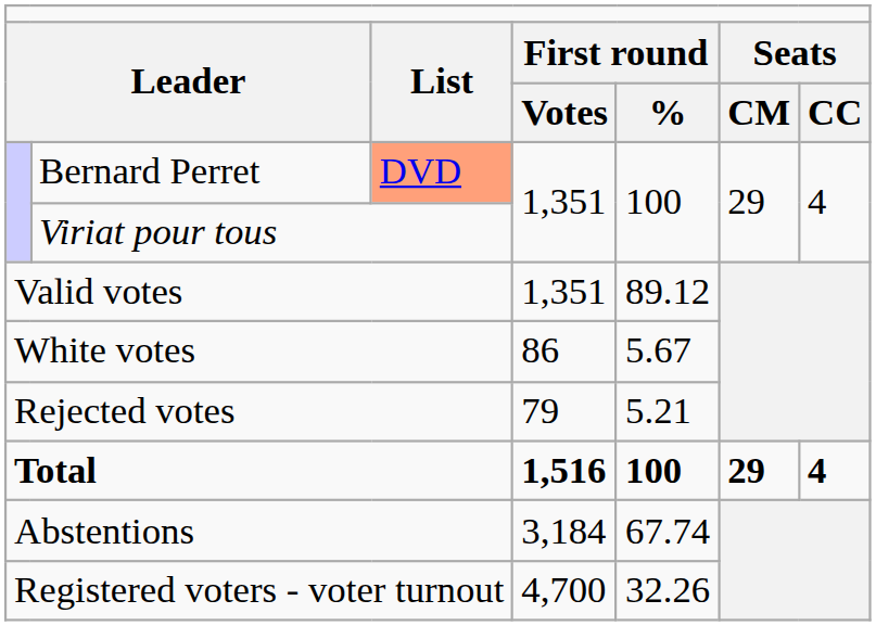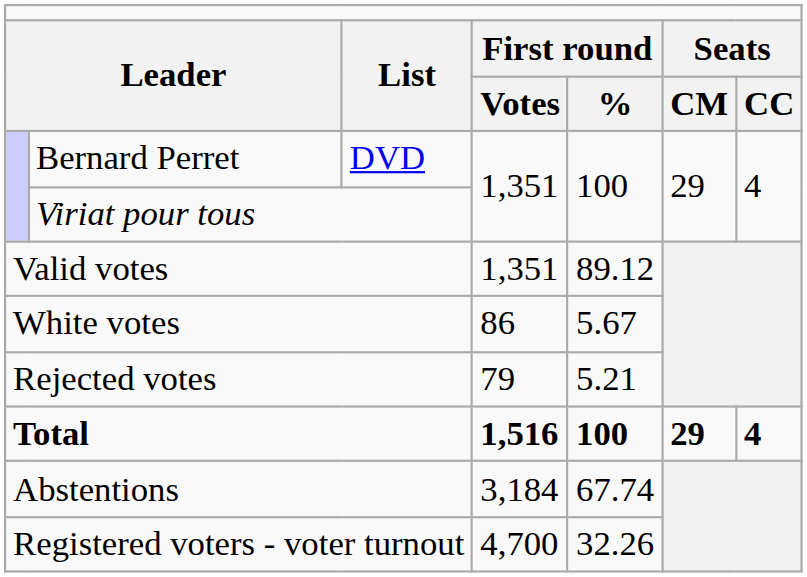 <table class="wikitable">
 <tr>
 <td colspan="7"></td>
 </tr>
 <tr>
 <th colspan="2" rowspan="2">Leader</th>
 <th rowspan="2">List</th>
 <th colspan="2">First round</th>
 <th colspan="2">Seats</th>
 </tr>
 <tr>
 <th>Votes</th>
 <th>%</th>
 <th>CM</th>
 <th>CC</th>
 </tr>
 <tr>
 <td rowspan="2" bgcolor="#ccccff"></td>
 <td>Bernard Perret</td>
-<td style="background: lightsalmon;"><a href='#'>DVD</a></td>
+<td><a href='#'>DVD</a></td>
 <td rowspan="2">1,351</td>
 <td rowspan="2">100</td>
 <td rowspan="2">29</td>
 <td rowspan="2">4</td>
 </tr>
 <tr>
 <td colspan="2"><em>Viriat pour tous</em></td>
 </tr>
 <tr>
 <td colspan="3">Valid votes</td>
 <td>1,351</td>
 <td>89.12</td>
 <th colspan="2" rowspan="3"></th>
 </tr>
 <tr>
 <td colspan="3">White votes</td>
 <td>86</td>
 <td>5.67</td>
 </tr>
 <tr>
 <td colspan="3">Rejected votes</td>
 <td>79</td>
 <td>5.21</td>
 </tr>
 <tr>
 <td colspan="3"><strong>Total</strong></td>
 <td><strong>1,516</strong></td>
 <td><strong>100</strong></td>
 <td><strong>29</strong></td>
 <td><strong>4</strong></td>
 </tr>
 <tr>
 <td colspan="3">Abstentions</td>
 <td>3,184</td>
 <td>67.74</td>
 <th colspan="2" rowspan="2"></th>
 </tr>
 <tr>
 <td colspan="3">Registered voters - voter turnout</td>
 <td>4,700</td>
 <td>32.26</td>
 </tr>
 </table>
